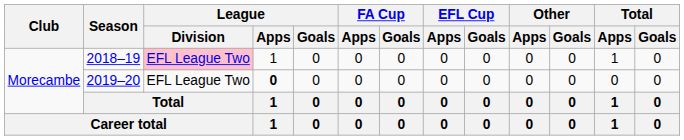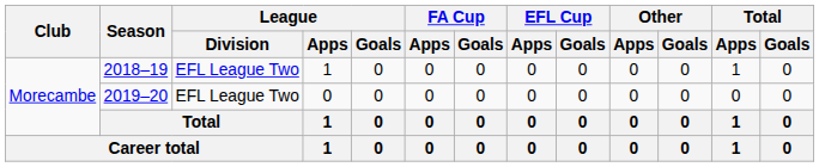 <table class="wikitable" style="text-align:center">
 <tr>
 <th rowspan="2">Club</th>
 <th rowspan="2">Season</th>
 <th colspan="3">League</th>
 <th colspan="2"><a href='#'>FA Cup</a></th>
 <th colspan="2"><a href='#'>EFL Cup</a></th>
 <th colspan="2">Other</th>
 <th colspan="2">Total</th>
 </tr>
 <tr>
 <th>Division</th>
 <th>Apps</th>
 <th>Goals</th>
 <th>Apps</th>
 <th>Goals</th>
 <th>Apps</th>
 <th>Goals</th>
 <th>Apps</th>
 <th>Goals</th>
 <th>Apps</th>
 <th>Goals</th>
 </tr>
 <tr>
 <td rowspan="3"><a href='#'>Morecambe</a></td>
 <td><a href='#'>2018–19</a></td>
-<td style="background: pink;"><a href='#'>EFL League Two</a></td>
+<td><a href='#'>EFL League Two</a></td>
 <td>1</td>
 <td>0</td>
 <td>0</td>
 <td>0</td>
 <td>0</td>
 <td>0</td>
 <td>0</td>
 <td>0</td>
 <td>1</td>
 <td>0</td>
 </tr>
 <tr>
 <td><a href='#'>2019–20</a></td>
 <td>EFL League Two</td>
-<td><strong>0</strong></td>
+<td>0</td>
 <td>0</td>
 <td>0</td>
 <td>0</td>
 <td>0</td>
 <td>0</td>
 <td>0</td>
 <td>0</td>
 <td>0</td>
 <td>0</td>
 </tr>
 <tr>
 <th colspan="2">Total</th>
 <th>1</th>
 <th>0</th>
 <th>0</th>
 <th>0</th>
 <th>0</th>
 <th>0</th>
 <th>0</th>
 <th>0</th>
 <th>1</th>
 <th>0</th>
 </tr>
 <tr>
 <th colspan="3">Career total</th>
 <th>1</th>
 <th>0</th>
 <th>0</th>
 <th>0</th>
 <th>0</th>
 <th>0</th>
 <th>0</th>
 <th>0</th>
 <th>1</th>
 <th>0</th>
 </tr>
 </table>
